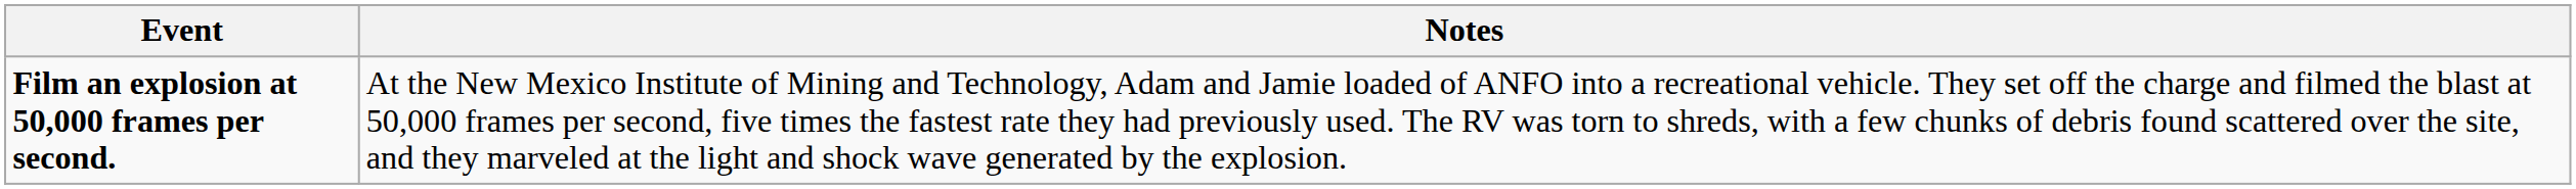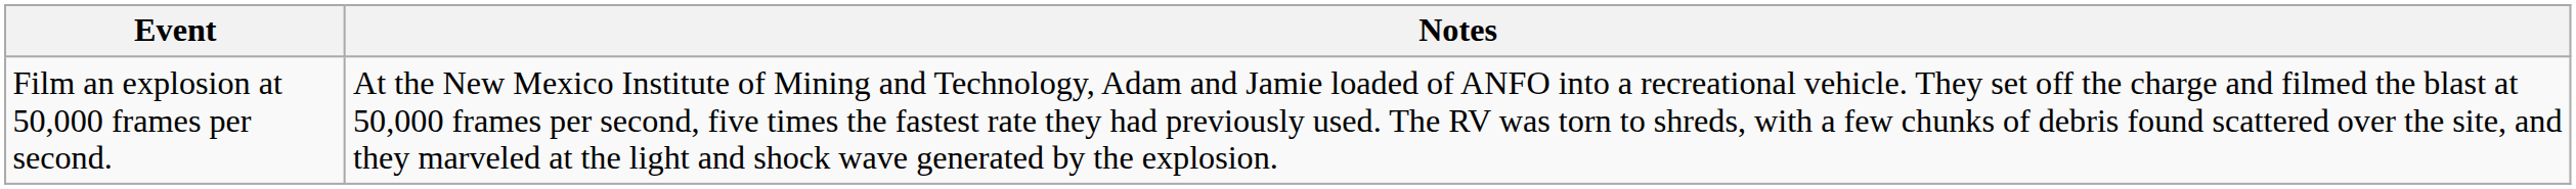 <table class="wikitable plainrowheaders">
 <tr>
 <th scope"col">Event</th>
 <th scope"col">Notes</th>
 </tr>
 <tr>
-<td scope"row"><strong>Film an explosion at 50,000 frames per second.</strong></td>
+<td scope"row">Film an explosion at 50,000 frames per second.</td>
 <td>At the New Mexico Institute of Mining and Technology, Adam and Jamie loaded  of ANFO into a recreational vehicle. They set off the charge and filmed the blast at 50,000 frames per second, five times the fastest rate they had previously used. The RV was torn to shreds, with a few chunks of debris found scattered over the site, and they marveled at the light and shock wave generated by the explosion.</td>
 </tr>
 </table>
